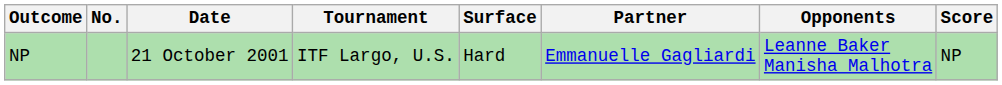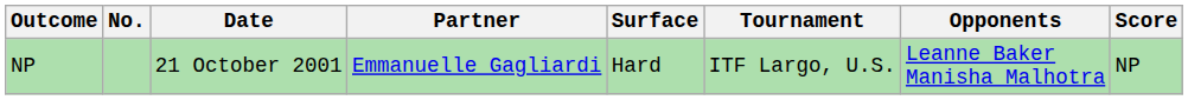 <table class="sortable wikitable" style=font-size:97%>
 <tr>
 <th>Outcome</th>
 <th>No.</th>
 <th>Date</th>
+<th>Partner</th>
+<th>Surface</th>
 <th>Tournament</th>
-<th>Surface</th>
-<th>Partner</th>
 <th>Opponents</th>
 <th>Score</th>
 </tr>
 <tr style="background:#addfad;">
 <td>NP</td>
 <td></td>
 <td>21 October 2001</td>
+<td> <a href='#'>Emmanuelle Gagliardi</a></td>
+<td>Hard</td>
 <td>ITF Largo, U.S.</td>
-<td>Hard</td>
-<td> <a href='#'>Emmanuelle Gagliardi</a></td>
 <td> <a href='#'>Leanne Baker</a> <br>  <a href='#'>Manisha Malhotra</a></td>
 <td>NP</td>
 </tr>
 </table>
